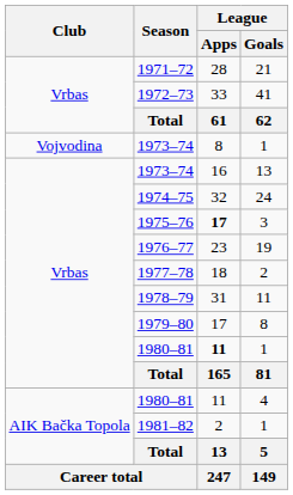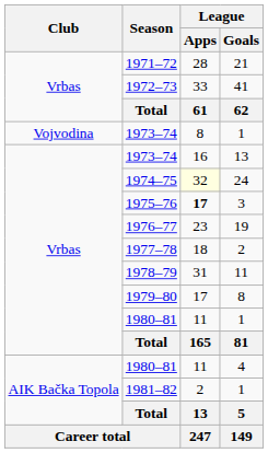 <table class="wikitable" style="text-align:center">
 <tr>
 <th rowspan="2">Club</th>
 <th rowspan="2">Season</th>
 <th colspan="2">League</th>
 </tr>
 <tr>
 <th>Apps</th>
 <th>Goals</th>
 </tr>
 <tr>
 <td rowspan="3"><a href='#'>Vrbas</a></td>
 <td><a href='#'>1971–72</a></td>
 <td>28</td>
 <td>21</td>
 </tr>
 <tr>
 <td><a href='#'>1972–73</a></td>
 <td>33</td>
 <td>41</td>
 </tr>
 <tr>
 <th>Total</th>
 <th>61</th>
 <th>62</th>
 </tr>
 <tr>
 <td><a href='#'>Vojvodina</a></td>
 <td><a href='#'>1973–74</a></td>
 <td>8</td>
 <td>1</td>
 </tr>
 <tr>
 <td rowspan="9"><a href='#'>Vrbas</a></td>
 <td><a href='#'>1973–74</a></td>
 <td>16</td>
 <td>13</td>
 </tr>
 <tr>
 <td><a href='#'>1974–75</a></td>
-<td>32</td>
+<td style="background: lightyellow;">32</td>
 <td>24</td>
 </tr>
 <tr>
 <td><a href='#'>1975–76</a></td>
 <td><strong>17</strong></td>
 <td>3</td>
 </tr>
 <tr>
 <td><a href='#'>1976–77</a></td>
 <td>23</td>
 <td>19</td>
 </tr>
 <tr>
 <td><a href='#'>1977–78</a></td>
 <td>18</td>
 <td>2</td>
 </tr>
 <tr>
 <td><a href='#'>1978–79</a></td>
 <td>31</td>
 <td>11</td>
 </tr>
 <tr>
 <td><a href='#'>1979–80</a></td>
 <td>17</td>
 <td>8</td>
 </tr>
 <tr>
 <td><a href='#'>1980–81</a></td>
-<td><strong>11</strong></td>
+<td>11</td>
 <td>1</td>
 </tr>
 <tr>
 <th>Total</th>
 <th>165</th>
 <th>81</th>
 </tr>
 <tr>
 <td rowspan="3"><a href='#'>AIK Bačka Topola</a></td>
 <td><a href='#'>1980–81</a></td>
 <td>11</td>
 <td>4</td>
 </tr>
 <tr>
 <td><a href='#'>1981–82</a></td>
 <td>2</td>
 <td>1</td>
 </tr>
 <tr>
 <th>Total</th>
 <th>13</th>
 <th>5</th>
 </tr>
 <tr>
 <th colspan="2">Career total</th>
 <th>247</th>
 <th>149</th>
 </tr>
 </table>
